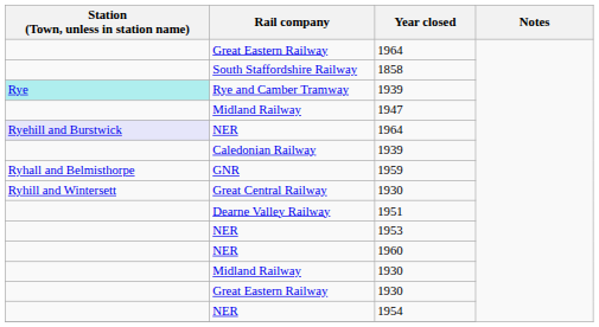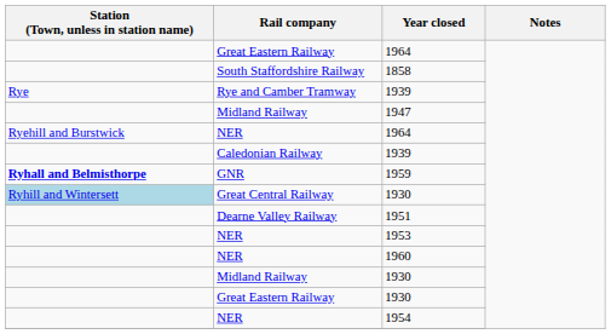 <table class="wikitable sortable">
 <tr>
 <th style="width:250px">Station<br>(Town, unless in station name)</th>
 <th style="width:200px">Rail company</th>
 <th style="width:120px">Year closed</th>
 <th style="width:20%">Notes</th>
 </tr>
 <tr>
 <td></td>
 <td><a href='#'>Great Eastern Railway</a></td>
 <td>1964</td>
 </tr>
 <tr>
 <td></td>
 <td><a href='#'>South Staffordshire Railway</a></td>
 <td>1858</td>
 </tr>
 <tr>
-<td style="background: paleturquoise;"><a href='#'>Rye</a></td>
+<td><a href='#'>Rye</a></td>
 <td><a href='#'>Rye and Camber Tramway</a></td>
 <td>1939</td>
 </tr>
 <tr>
 <td></td>
 <td><a href='#'>Midland Railway</a></td>
 <td>1947</td>
 </tr>
 <tr>
-<td style="background: lavender;"><a href='#'>Ryehill and Burstwick</a></td>
+<td><a href='#'>Ryehill and Burstwick</a></td>
 <td><a href='#'>NER</a></td>
 <td>1964</td>
 </tr>
 <tr>
 <td></td>
 <td><a href='#'>Caledonian Railway</a></td>
 <td>1939</td>
 </tr>
 <tr>
-<td><a href='#'>Ryhall and Belmisthorpe</a></td>
+<td><strong><a href='#'>Ryhall and Belmisthorpe</a></strong></td>
 <td><a href='#'>GNR</a></td>
 <td>1959</td>
 </tr>
 <tr>
-<td><a href='#'>Ryhill and Wintersett</a></td>
+<td style="background: lightblue;"><a href='#'>Ryhill and Wintersett</a></td>
 <td><a href='#'>Great Central Railway</a></td>
 <td>1930</td>
 </tr>
 <tr>
 <td></td>
 <td><a href='#'>Dearne Valley Railway</a></td>
 <td>1951</td>
 </tr>
 <tr>
 <td></td>
 <td><a href='#'>NER</a></td>
 <td>1953</td>
 </tr>
 <tr>
 <td></td>
 <td><a href='#'>NER</a></td>
 <td>1960</td>
 </tr>
 <tr>
 <td></td>
 <td><a href='#'>Midland Railway</a></td>
 <td>1930</td>
 </tr>
 <tr>
 <td></td>
 <td><a href='#'>Great Eastern Railway</a></td>
 <td>1930</td>
 </tr>
 <tr>
 <td></td>
 <td><a href='#'>NER</a></td>
 <td>1954</td>
 </tr>
 <tr>
 </tr>
 </table>
